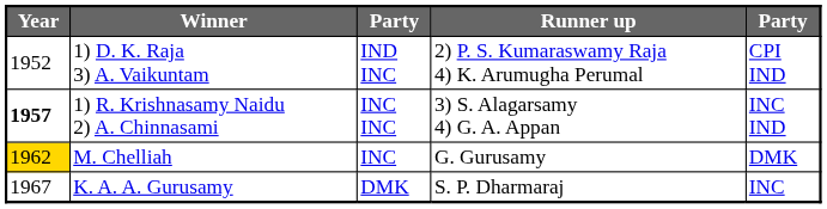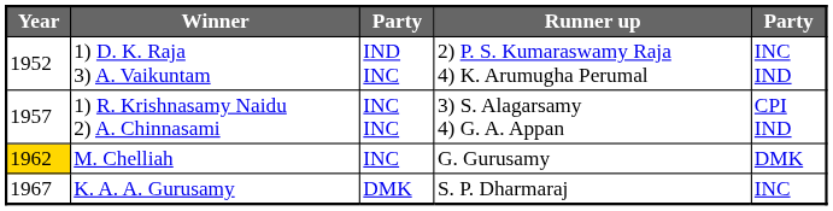 <table width="50%" cellpadding="2" cellspacing="0" border="1" style="border-collapse: collapse; border: 2px #000000 solid; font-size: x-big; font-family: verdana">
 <tr>
 <th style="background-color:#666666; color:white">Year</th>
 <th style="background-color:#666666; color:white">Winner</th>
 <th style="background-color:#666666; color:white">Party</th>
 <th style="background-color:#666666; color:white">Runner up</th>
 <th style="background-color:#666666; color:white">Party</th>
 </tr>
 <tr --->
 <td>1952</td>
 <td>1) <a href='#'>D. K. Raja</a> <br> 3) <a href='#'>A. Vaikuntam</a></td>
 <td><a href='#'>IND</a> <br> <a href='#'>INC</a></td>
 <td>2) <a href='#'>P. S. Kumaraswamy Raja</a> <br> 4) K. Arumugha Perumal</td>
-<td><a href='#'>CPI</a> <br> <a href='#'>IND</a></td>
+<td><a href='#'>INC</a> <br> <a href='#'>IND</a></td>
 </tr>
 <tr --->
-<td><strong>1957</strong></td>
+<td>1957</td>
 <td>1) <a href='#'>R. Krishnasamy Naidu</a> <br> 2) <a href='#'>A. Chinnasami</a></td>
 <td><a href='#'>INC</a> <br> <a href='#'>INC</a></td>
 <td>3) S. Alagarsamy <br> 4) G. A. Appan</td>
-<td><a href='#'>INC</a> <br> <a href='#'>IND</a></td>
+<td><a href='#'>CPI</a> <br> <a href='#'>IND</a></td>
 </tr>
 <tr --->
 <td style="background: gold;">1962</td>
 <td><a href='#'>M. Chelliah</a></td>
 <td><a href='#'>INC</a></td>
 <td>G. Gurusamy</td>
 <td><a href='#'>DMK</a></td>
 </tr>
 <tr --->
 <td>1967</td>
 <td><a href='#'>K. A. A. Gurusamy</a></td>
 <td><a href='#'>DMK</a></td>
 <td>S. P. Dharmaraj</td>
 <td><a href='#'>INC</a></td>
 </tr>
 <tr --->
 </tr>
 </table>
